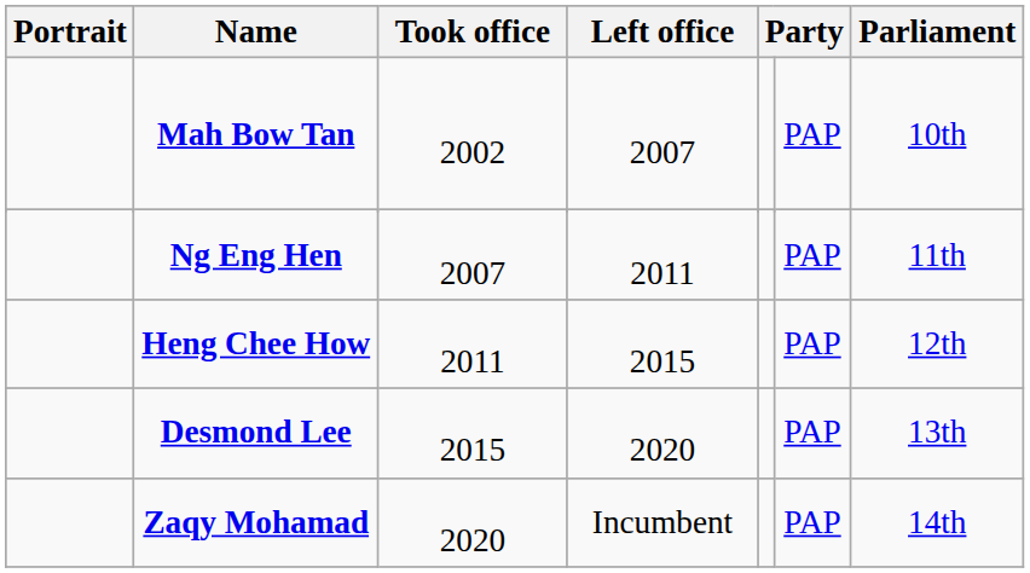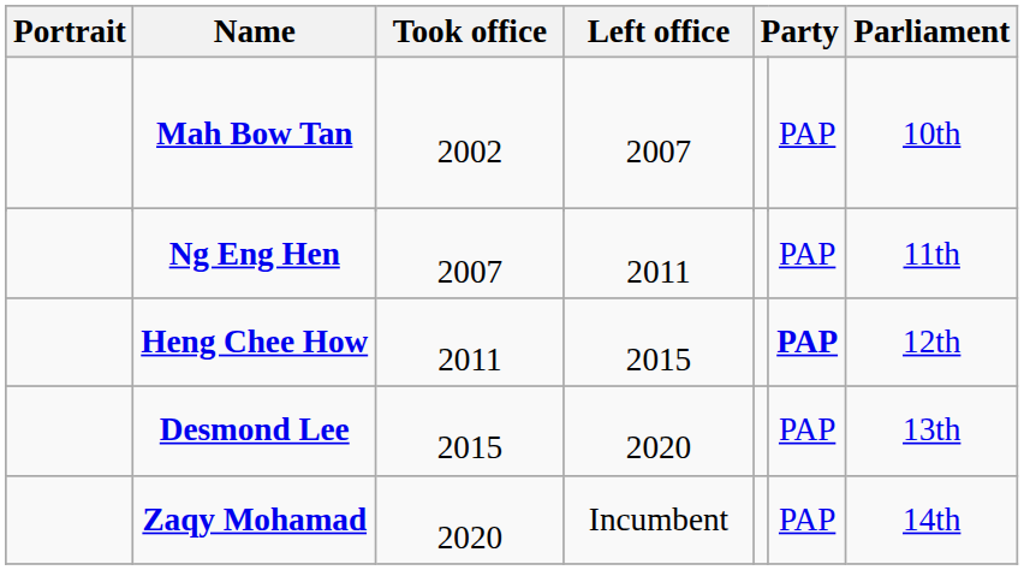 <table class="wikitable" style="text-align:center; border:1px #aaf solid;">
 <tr>
 <th>Portrait</th>
 <th>Name<br></th>
 <th width="85">Took office</th>
 <th width="85">Left office</th>
 <th colspan="2">Party</th>
 <th>Parliament</th>
 </tr>
 <tr style="height:74px;">
 <td rowspan="2"></td>
 <td rowspan="2"><strong><a href='#'>Mah Bow Tan</a></strong><br></td>
 <td rowspan="2"><br>2002</td>
 <td rowspan="2"><br>2007</td>
 <td rowspan="2" style="background:"></td>
 <td rowspan="2"><a href='#'>PAP</a></td>
 <td><a href='#'>10th</a></td>
 </tr>
 <tr>
 <td rowspan="2"><a href='#'>11th</a></td>
 </tr>
 <tr>
 <td></td>
 <td><strong><a href='#'>Ng Eng Hen</a></strong><br></td>
 <td><br>2007</td>
 <td><br>2011</td>
 <td style="background:"></td>
 <td><a href='#'>PAP</a></td>
 </tr>
 <tr>
 <td></td>
 <td><strong><a href='#'>Heng Chee How</a></strong><br></td>
 <td><br>2011</td>
 <td><br>2015</td>
 <td style="background:"></td>
-<td><a href='#'>PAP</a></td>
+<td><strong><a href='#'>PAP</a></strong></td>
 <td><a href='#'>12th</a></td>
 </tr>
 <tr>
 <td></td>
 <td><a href='#'><strong>Desmond Lee</strong></a><br></td>
 <td><br>2015</td>
 <td><br>2020</td>
 <td style="background:"></td>
 <td><a href='#'>PAP</a></td>
 <td><a href='#'>13th</a></td>
 </tr>
 <tr>
 <td></td>
 <td><strong><a href='#'>Zaqy Mohamad</a></strong><br></td>
 <td><br>2020</td>
 <td>Incumbent</td>
 <td style="background:"></td>
 <td><a href='#'>PAP</a></td>
 <td><a href='#'>14th</a></td>
 </tr>
 </table>
